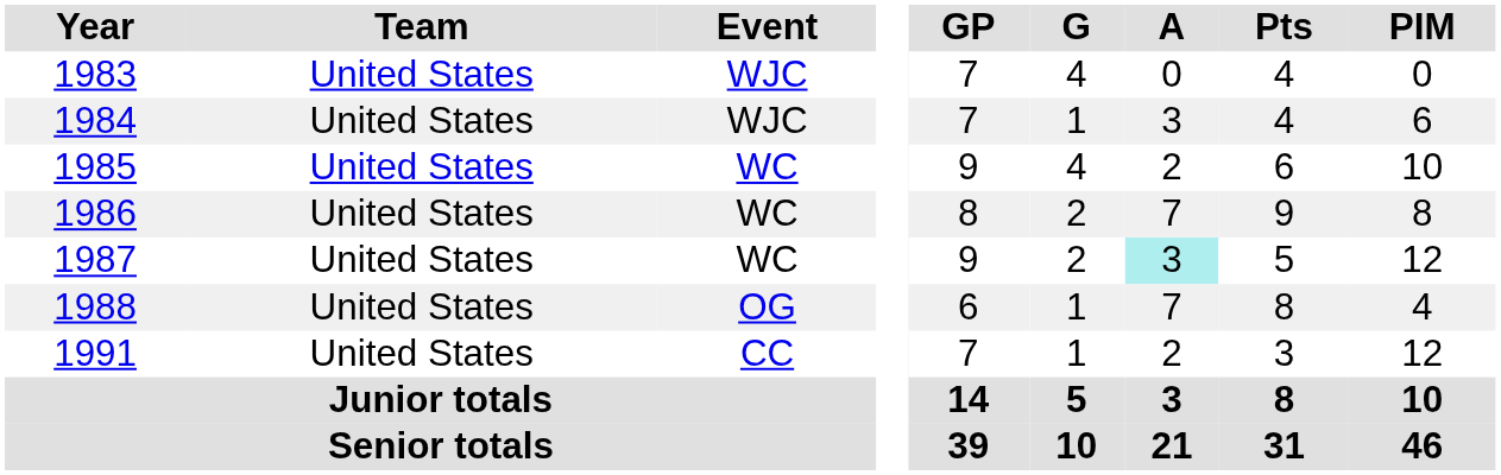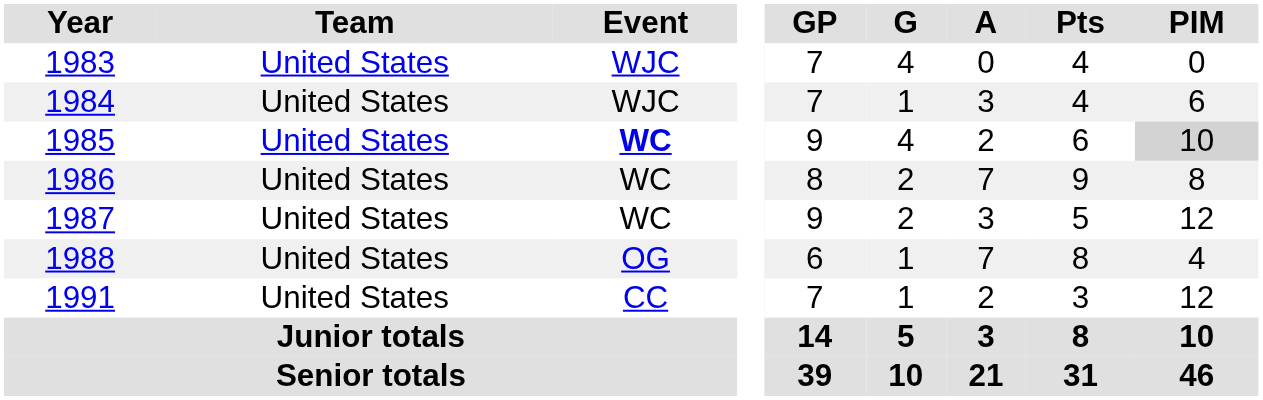 <table border="0" cellpadding="1" cellspacing="0" style="text-align:center; width:40em">
 <tr ALIGN="center" bgcolor="#e0e0e0">
 <th>Year</th>
 <th>Team</th>
 <th>Event</th>
 <th ALIGN="center" rowspan="99" bgcolor="#ffffff"> </th>
 <th>GP</th>
 <th>G</th>
 <th>A</th>
 <th>Pts</th>
 <th>PIM</th>
 </tr>
 <tr>
 <td><a href='#'>1983</a></td>
 <td><a href='#'>United States</a></td>
 <td><a href='#'>WJC</a></td>
 <td>7</td>
 <td>4</td>
 <td>0</td>
 <td>4</td>
 <td>0</td>
 </tr>
 <tr bgcolor="#f0f0f0">
 <td><a href='#'>1984</a></td>
 <td>United States</td>
 <td>WJC</td>
 <td>7</td>
 <td>1</td>
 <td>3</td>
 <td>4</td>
 <td>6</td>
 </tr>
 <tr>
 <td><a href='#'>1985</a></td>
 <td><a href='#'>United States</a></td>
-<td><a href='#'>WC</a></td>
+<td><strong><a href='#'>WC</a></strong></td>
 <td>9</td>
 <td>4</td>
 <td>2</td>
 <td>6</td>
-<td>10</td>
+<td style="background: lightgrey;">10</td>
 </tr>
 <tr bgcolor="#f0f0f0">
 <td><a href='#'>1986</a></td>
 <td>United States</td>
 <td>WC</td>
 <td>8</td>
 <td>2</td>
 <td>7</td>
 <td>9</td>
 <td>8</td>
 </tr>
 <tr>
 <td><a href='#'>1987</a></td>
 <td>United States</td>
 <td>WC</td>
 <td>9</td>
 <td>2</td>
-<td style="background: paleturquoise;">3</td>
+<td>3</td>
 <td>5</td>
 <td>12</td>
 </tr>
 <tr bgcolor="#f0f0f0">
 <td><a href='#'>1988</a></td>
 <td>United States</td>
 <td><a href='#'>OG</a></td>
 <td>6</td>
 <td>1</td>
 <td>7</td>
 <td>8</td>
 <td>4</td>
 </tr>
 <tr>
 <td><a href='#'>1991</a></td>
 <td>United States</td>
 <td><a href='#'>CC</a></td>
 <td>7</td>
 <td>1</td>
 <td>2</td>
 <td>3</td>
 <td>12</td>
 </tr>
 <tr bgcolor="#e0e0e0">
 <th colspan=3>Junior totals</th>
 <th>14</th>
 <th>5</th>
 <th>3</th>
 <th>8</th>
 <th>10</th>
 </tr>
 <tr bgcolor="#e0e0e0">
 <th colspan=3>Senior totals</th>
 <th>39</th>
 <th>10</th>
 <th>21</th>
 <th>31</th>
 <th>46</th>
 </tr>
 </table>
